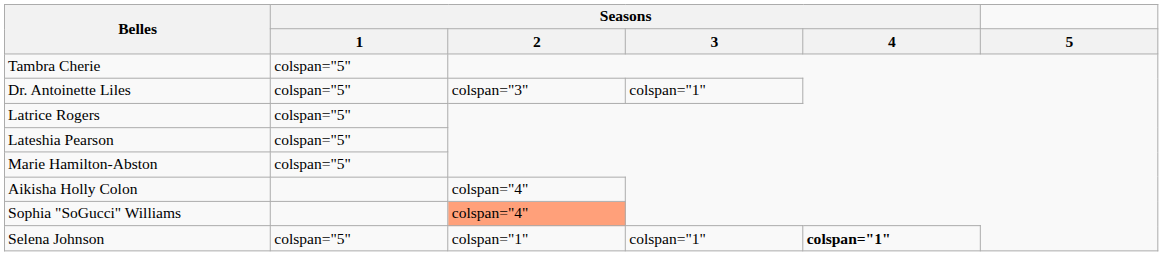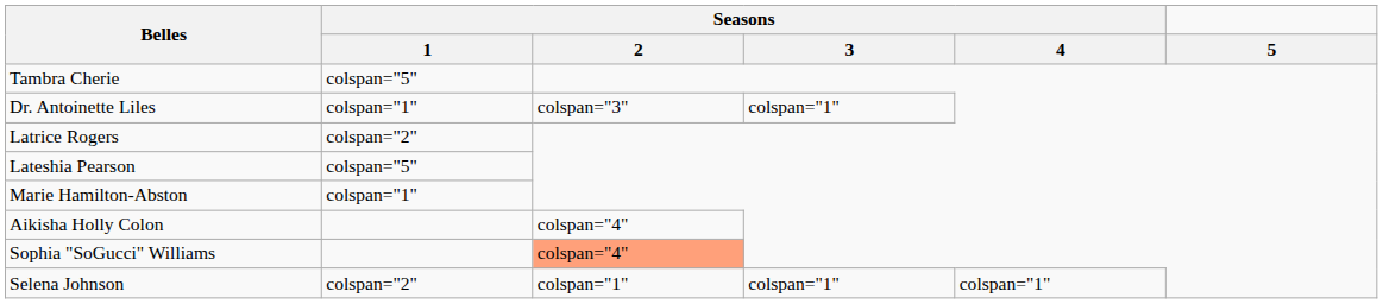 <table class="wikitable plainrowheaders" width="60%">
 <tr>
 <th rowspan="2" style="width:15%">Belles</th>
 <th colspan="4">Seasons</th>
 </tr>
 <tr>
 <th style="width:10%">1</th>
 <th style="width:10%">2</th>
 <th style="width:10%">3</th>
 <th style="width:10%">4</th>
 <th style="width:10%">5</th>
 </tr>
 <tr>
 <td>Tambra Cherie</td>
 <td>colspan="5" </td>
 </tr>
 <tr>
 <td>Dr. Antoinette Liles</td>
-<td>colspan="5" </td>
+<td>colspan="1" </td>
 <td>colspan="3" </td>
 <td>colspan="1" </td>
 </tr>
 <tr>
 <td>Latrice Rogers</td>
-<td>colspan="5" </td>
+<td>colspan="2" </td>
 </tr>
 <tr>
 <td>Lateshia Pearson</td>
 <td>colspan="5" </td>
 </tr>
 <tr>
 <td>Marie Hamilton-Abston</td>
-<td>colspan="5" </td>
+<td>colspan="1" </td>
 </tr>
 <tr>
 <td>Aikisha Holly Colon</td>
 <td></td>
 <td>colspan="4" </td>
 </tr>
 <tr>
 <td>Sophia "SoGucci" Williams</td>
 <td></td>
 <td style="background: lightsalmon;">colspan="4" </td>
 </tr>
 <tr>
 <td>Selena Johnson</td>
-<td>colspan="5" </td>
+<td>colspan="2" </td>
 <td>colspan="1" </td>
 <td>colspan="1" </td>
-<td><strong>colspan="1" </strong></td>
+<td>colspan="1" </td>
 </tr>
 </table>
